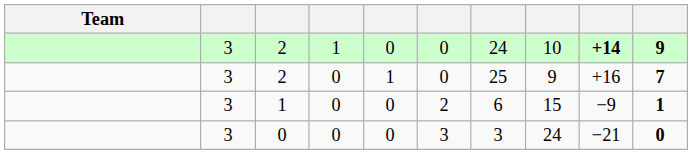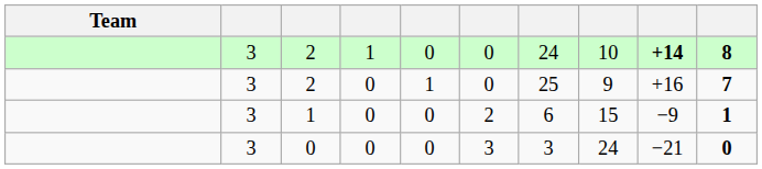 <table class="wikitable" style="text-align:center;">
 <tr>
 <th width=165>Team</th>
 <th width=40></th>
 <th width=40></th>
 <th width=40></th>
 <th width=40></th>
 <th width=40></th>
 <th width=40></th>
 <th width=40></th>
 <th width=40></th>
 <th width=40></th>
 </tr>
 <tr bgcolor=ccffcc>
 <td style="text-align:left;"></td>
 <td>3</td>
 <td>2</td>
 <td>1</td>
 <td>0</td>
 <td>0</td>
 <td>24</td>
 <td>10</td>
 <td><strong>+14</strong></td>
-<td><strong>9</strong></td>
+<td><strong>8</strong></td>
 </tr>
 <tr>
 <td style="text-align:left;"></td>
 <td>3</td>
 <td>2</td>
 <td>0</td>
 <td>1</td>
 <td>0</td>
 <td>25</td>
 <td>9</td>
 <td>+16</td>
 <td><strong>7</strong></td>
 </tr>
 <tr>
 <td style="text-align:left;"></td>
 <td>3</td>
 <td>1</td>
 <td>0</td>
 <td>0</td>
 <td>2</td>
 <td>6</td>
 <td>15</td>
 <td>−9</td>
 <td><strong>1</strong></td>
 </tr>
 <tr>
 <td style="text-align:left;"></td>
 <td>3</td>
 <td>0</td>
 <td>0</td>
 <td>0</td>
 <td>3</td>
 <td>3</td>
 <td>24</td>
 <td>−21</td>
 <td><strong>0</strong></td>
 </tr>
 </table>
